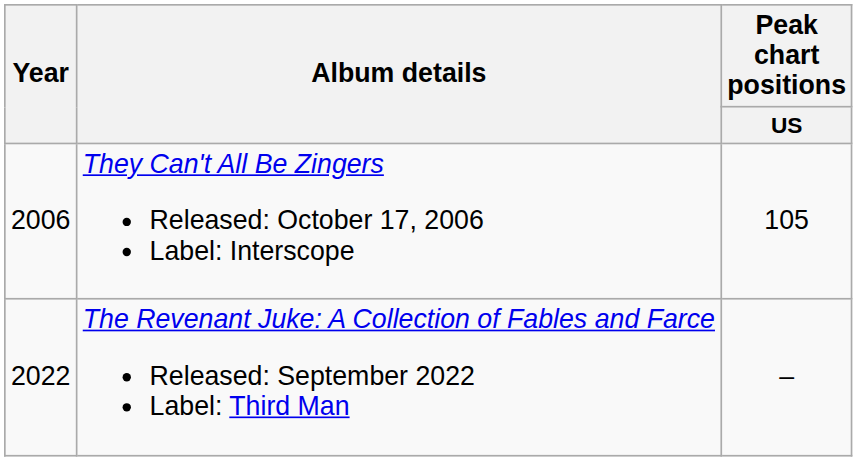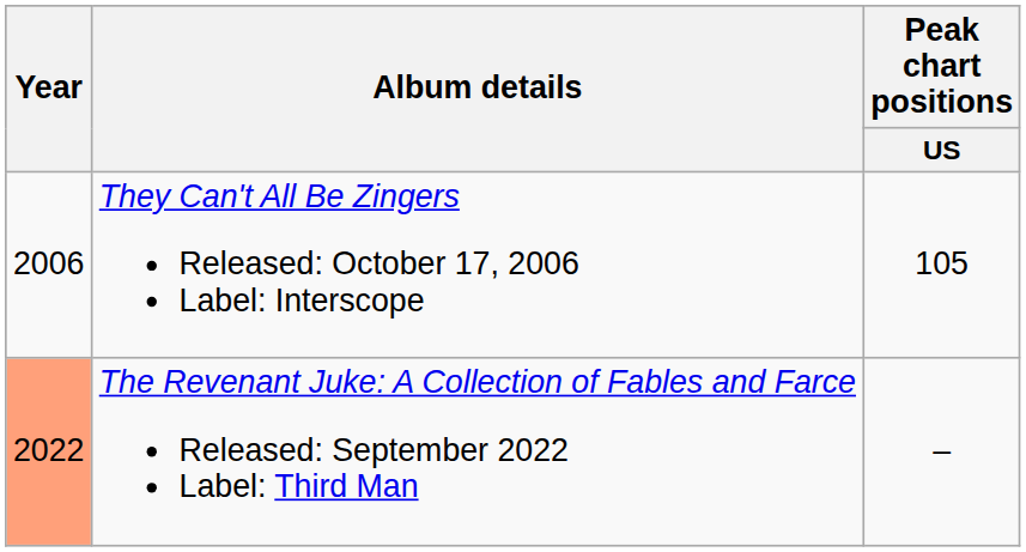 <table class="wikitable">
 <tr>
 <th rowspan="2">Year</th>
 <th rowspan="2">Album details</th>
 <th>Peak chart positions</th>
 </tr>
 <tr>
 <th style="width:3em;font-size:85%">US<br></th>
 </tr>
 <tr>
 <td>2006</td>
 <td><em><a href='#'>They Can't All Be Zingers</a></em><br><ul><li>Released: October 17, 2006</li><li>Label: Interscope</li></ul></td>
 <td align="center">105</td>
 </tr>
 <tr>
-<td>2022</td>
+<td style="background: lightsalmon;">2022</td>
 <td><em><a href='#'>The Revenant Juke: A Collection of Fables and Farce</a></em><br><ul><li>Released: September 2022</li><li>Label: <a href='#'>Third Man</a></li></ul></td>
 <td align="center">–</td>
 </tr>
 </table>
